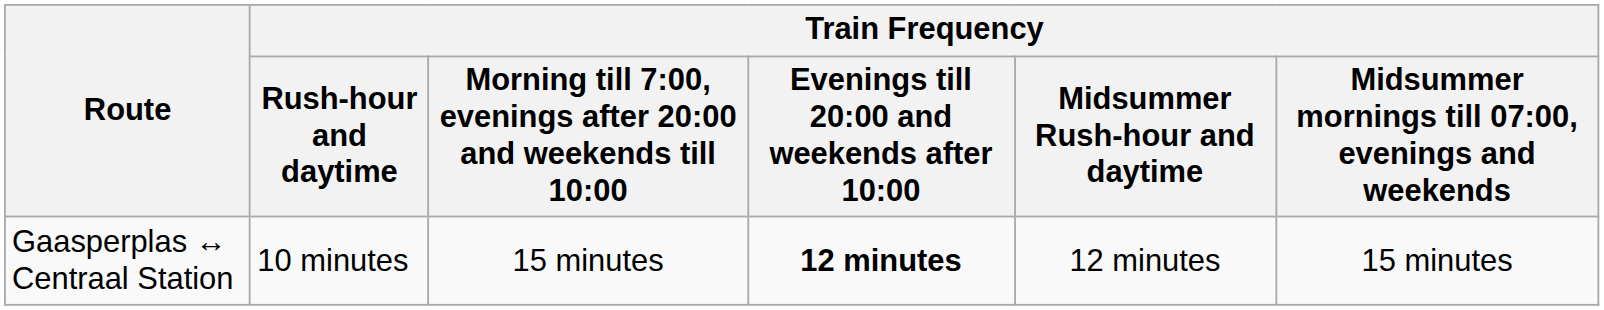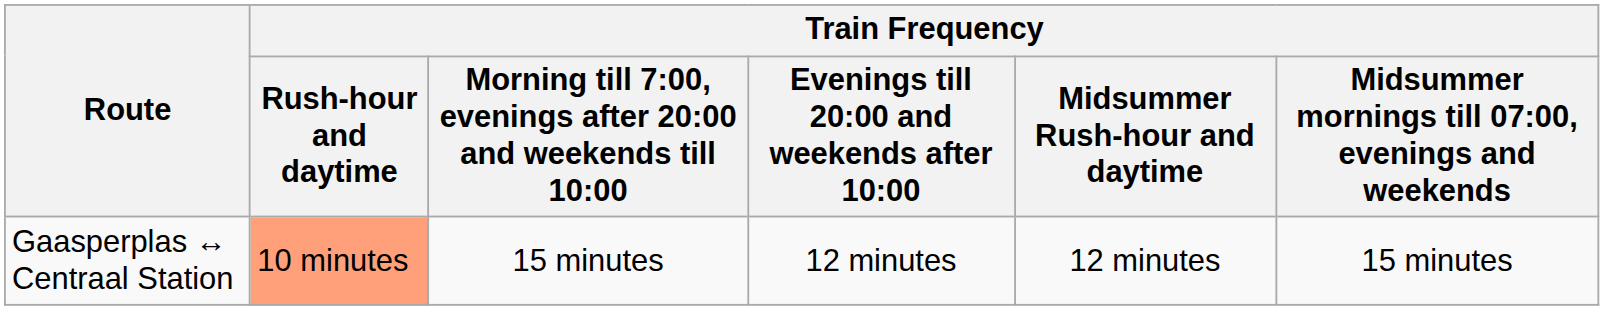 <table class="wikitable" style="font-size:105%;">
 <tr>
 <th rowspan="2">Route</th>
 <th colspan="5">Train Frequency</th>
 </tr>
 <tr>
 <th>Rush-hour and daytime</th>
 <th>Morning till 7:00, evenings after 20:00 and weekends till 10:00</th>
 <th>Evenings till 20:00 and weekends after 10:00</th>
 <th>Midsummer Rush-hour and daytime</th>
 <th>Midsummer mornings till 07:00, evenings and weekends</th>
 </tr>
 <tr>
 <td>Gaasperplas ↔ Centraal Station</td>
-<td>10 minutes</td>
+<td style="background: lightsalmon;">10 minutes</td>
 <td align="center">15 minutes</td>
-<td align="center"><strong>12 minutes</strong></td>
+<td align="center">12 minutes</td>
 <td align="center">12 minutes</td>
 <td align="center">15 minutes</td>
 </tr>
 </table>
